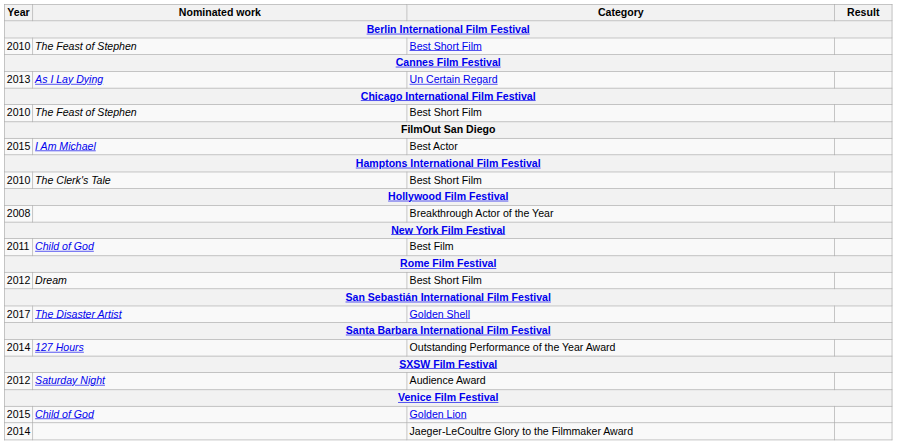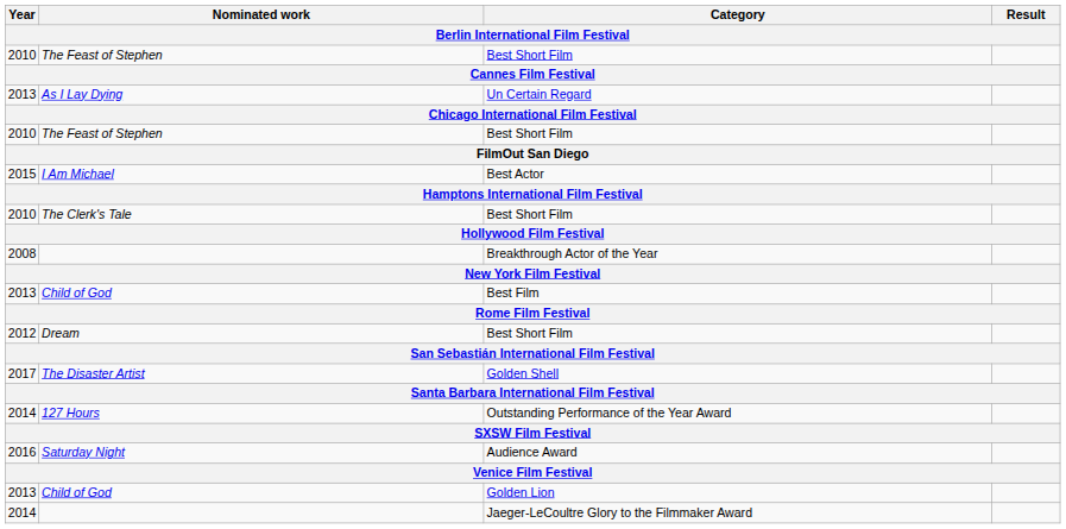 <table class="wikitable">
 <tr>
 <th scope="col" style="width:1em;">Year</th>
 <th scope="col" style="width:35em;">Nominated work</th>
 <th scope="col" style="width:40em;">Category</th>
 <th scope="col" style="width:5em;">Result</th>
 </tr>
 <tr>
 <th colspan="5"><a href='#'>Berlin International Film Festival</a></th>
 </tr>
 <tr>
 <td>2010</td>
 <td><em>The Feast of Stephen</em></td>
 <td><a href='#'>Best Short Film</a> </td>
 <td></td>
 </tr>
 <tr>
 <th colspan="5"><a href='#'>Cannes Film Festival</a></th>
 </tr>
 <tr>
 <td>2013</td>
 <td><em><a href='#'>As I Lay Dying</a></em></td>
 <td><a href='#'>Un Certain Regard</a> </td>
 <td></td>
 </tr>
 <tr>
 <th colspan="5"><a href='#'>Chicago International Film Festival</a></th>
 </tr>
 <tr>
 <td>2010</td>
 <td><em>The Feast of Stephen</em></td>
 <td>Best Short Film </td>
 <td></td>
 </tr>
 <tr>
 <th colspan="5">FilmOut San Diego</th>
 </tr>
 <tr>
 <td>2015</td>
 <td><em><a href='#'>I Am Michael</a></em></td>
 <td>Best Actor</td>
 <td></td>
 </tr>
 <tr>
 <th colspan="5"><a href='#'>Hamptons International Film Festival</a></th>
 </tr>
 <tr>
 <td>2010</td>
 <td><em>The Clerk's Tale</em></td>
 <td>Best Short Film</td>
 <td></td>
 </tr>
 <tr>
 <th colspan="5"><a href='#'>Hollywood Film Festival</a></th>
 </tr>
 <tr>
 <td>2008</td>
 <td></td>
 <td>Breakthrough Actor of the Year</td>
 <td></td>
 </tr>
 <tr>
 <th colspan="5"><a href='#'>New York Film Festival</a></th>
 </tr>
 <tr>
-<td>2011</td>
+<td>2013</td>
 <td><em><a href='#'>Child of God</a></em></td>
 <td>Best Film </td>
 <td></td>
 </tr>
 <tr>
 <th colspan="5"><a href='#'>Rome Film Festival</a></th>
 </tr>
 <tr>
 <td>2012</td>
 <td><em>Dream</em></td>
 <td>Best Short Film </td>
 <td></td>
 </tr>
 <tr>
 <th colspan="5"><a href='#'>San Sebastián International Film Festival</a></th>
 </tr>
 <tr>
 <td>2017</td>
 <td><em><a href='#'>The Disaster Artist</a></em></td>
 <td><a href='#'>Golden Shell</a> </td>
 <td></td>
 </tr>
 <tr>
 <th colspan="5"><a href='#'>Santa Barbara International Film Festival</a></th>
 </tr>
 <tr>
 <td>2014</td>
 <td><em><a href='#'>127 Hours</a></em></td>
 <td>Outstanding Performance of the Year Award</td>
 <td></td>
 </tr>
 <tr>
 <th colspan="5"><a href='#'>SXSW Film Festival</a></th>
 </tr>
 <tr>
-<td>2012</td>
+<td>2016</td>
 <td><em><a href='#'>Saturday Night</a></em></td>
 <td>Audience Award </td>
 <td></td>
 </tr>
 <tr>
 <th colspan="5"><a href='#'>Venice Film Festival</a></th>
 </tr>
 <tr>
-<td>2015</td>
+<td>2013</td>
 <td><em><a href='#'>Child of God</a></em></td>
 <td><a href='#'>Golden Lion</a> </td>
 <td></td>
 </tr>
 <tr>
 <td>2014</td>
 <td></td>
 <td>Jaeger-LeCoultre Glory to the Filmmaker Award</td>
 <td></td>
 </tr>
 </table>
